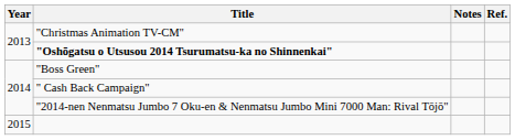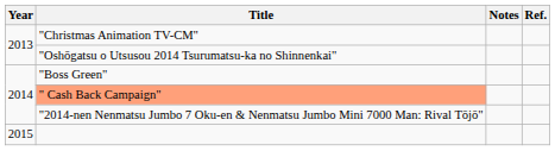 <table class="wikitable">
 <tr>
 <th>Year</th>
 <th>Title</th>
 <th>Notes</th>
 <th>Ref.</th>
 </tr>
 <tr>
 <td rowspan="2">2013</td>
 <td>"Christmas Animation TV-CM"</td>
 <td></td>
 <td></td>
 </tr>
 <tr>
-<td><strong>"Oshōgatsu o Utsusou 2014 Tsurumatsu-ka no Shinnenkai"</strong></td>
+<td>"Oshōgatsu o Utsusou 2014 Tsurumatsu-ka no Shinnenkai"</td>
 <td></td>
 <td></td>
 </tr>
 <tr>
 <td rowspan="3">2014</td>
 <td>"Boss Green"</td>
 <td></td>
 <td></td>
 </tr>
 <tr>
-<td>" Cash Back Campaign"</td>
+<td style="background: lightsalmon;">" Cash Back Campaign"</td>
 <td></td>
 <td></td>
 </tr>
 <tr>
 <td>"2014-nen Nenmatsu Jumbo 7 Oku-en & Nenmatsu Jumbo Mini 7000 Man: Rival Tōjō"</td>
 <td></td>
 <td></td>
 </tr>
 <tr>
 <td>2015</td>
 <td></td>
 <td></td>
 <td></td>
 </tr>
 </table>
